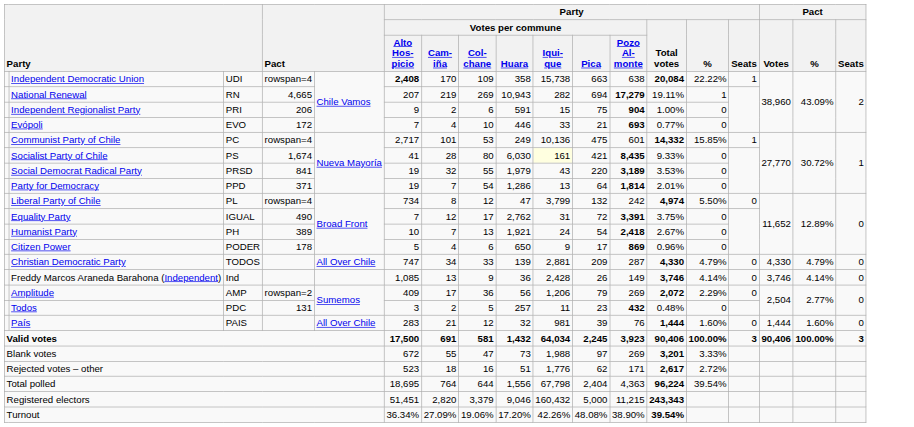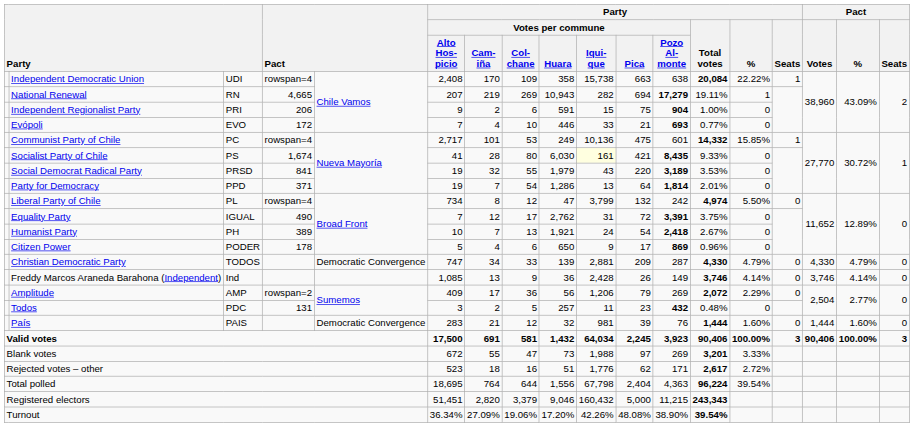 <table class="wikitable" border="1" style="font-size:90%; text-align:right; white-space: nowrap;">
 <tr>
 <th style="text-align:left;" valign=bottom rowspan=3 colspan=3>Party</th>
 <th style="text-align:left;" valign=bottom rowspan=3 colspan=2>Pact</th>
 <th colspan=10>Party</th>
 <th colspan=3>Pact</th>
 </tr>
 <tr>
 <th colspan=7>Votes per commune</th>
 <th align=center valign=bottom rowspan=2 width="40">Total<br>votes</th>
 <th align=center valign=bottom rowspan=2 width="40">%</th>
 <th align=center valign=bottom rowspan=2>Seats</th>
 <th align=center valign=bottom rowspan=2 width="40">Votes</th>
 <th align=center valign=bottom rowspan=2 width="40">%</th>
 <th align=center valign=bottom rowspan=2>Seats</th>
 </tr>
 <tr>
 <th align=center valign=bottom width="40"><a href='#'>Alto<br>Hos-<br>picio</a></th>
 <th align=center valign=bottom width="40"><a href='#'>Cam-<br>iña</a></th>
 <th align=center valign=bottom width="40"><a href='#'>Col-<br>chane</a></th>
 <th align=center valign=bottom width="40"><a href='#'>Huara</a></th>
 <th align=center valign=bottom width="40"><a href='#'>Iqui-<br>que</a></th>
 <th align=center valign=bottom width="40"><a href='#'>Pica</a></th>
 <th align=center valign=bottom width="40"><a href='#'>Pozo<br>Al-<br>monte</a></th>
 </tr>
 <tr>
 <td></td>
 <td align=left><a href='#'>Independent Democratic Union</a></td>
 <td align=left>UDI</td>
 <td>rowspan=4 </td>
 <td rowspan=4 align=left><a href='#'>Chile Vamos</a></td>
-<td><strong>2,408</strong></td>
+<td>2,408</td>
 <td>170</td>
 <td>109</td>
 <td>358</td>
 <td>15,738</td>
 <td>663</td>
 <td>638</td>
 <td><strong>20,084</strong></td>
 <td>22.22%</td>
 <td>1</td>
 <td rowspan=4>38,960</td>
 <td rowspan=4>43.09%</td>
 <td rowspan=4>2</td>
 </tr>
 <tr>
 <td></td>
 <td align=left><a href='#'>National Renewal</a></td>
 <td align=left>RN</td>
 <td>4,665</td>
 <td>207</td>
 <td>219</td>
 <td>269</td>
 <td>10,943</td>
 <td>282</td>
 <td>694</td>
 <td><strong>17,279</strong></td>
 <td>19.11%</td>
 <td>1</td>
 </tr>
 <tr>
 <td></td>
 <td align=left><a href='#'>Independent Regionalist Party</a></td>
 <td align=left>PRI</td>
 <td>206</td>
 <td>9</td>
 <td>2</td>
 <td>6</td>
 <td>591</td>
 <td>15</td>
 <td>75</td>
 <td><strong>904</strong></td>
 <td>1.00%</td>
 <td>0</td>
 </tr>
 <tr>
 <td></td>
 <td align=left><a href='#'>Evópoli</a></td>
 <td align=left>EVO</td>
 <td>172</td>
 <td>7</td>
 <td>4</td>
 <td>10</td>
 <td>446</td>
 <td>33</td>
 <td>21</td>
 <td><strong>693</strong></td>
 <td>0.77%</td>
 <td>0</td>
 </tr>
 <tr>
 <td></td>
 <td align=left><a href='#'>Communist Party of Chile</a></td>
 <td align=left>PC</td>
 <td>rowspan=4 </td>
 <td rowspan=4 align=left><a href='#'>Nueva Mayoría</a></td>
 <td>2,717</td>
 <td>101</td>
 <td>53</td>
 <td>249</td>
 <td>10,136</td>
 <td>475</td>
 <td>601</td>
 <td><strong>14,332</strong></td>
 <td>15.85%</td>
 <td>1</td>
 <td rowspan=4>27,770</td>
 <td rowspan=4>30.72%</td>
 <td rowspan=4>1</td>
 </tr>
 <tr>
 <td></td>
 <td align=left><a href='#'>Socialist Party of Chile</a></td>
 <td align=left>PS</td>
 <td>1,674</td>
 <td>41</td>
 <td>28</td>
 <td>80</td>
 <td>6,030</td>
 <td style="background: lightyellow;">161</td>
 <td>421</td>
 <td><strong>8,435</strong></td>
 <td>9.33%</td>
 <td>0</td>
 </tr>
 <tr>
 <td></td>
 <td align=left><a href='#'>Social Democrat Radical Party</a></td>
 <td align=left>PRSD</td>
 <td>841</td>
 <td>19</td>
 <td>32</td>
 <td>55</td>
 <td>1,979</td>
 <td>43</td>
 <td>220</td>
 <td><strong>3,189</strong></td>
 <td>3.53%</td>
 <td>0</td>
 </tr>
 <tr>
 <td></td>
 <td align=left><a href='#'>Party for Democracy</a></td>
 <td align=left>PPD</td>
 <td>371</td>
 <td>19</td>
 <td>7</td>
 <td>54</td>
 <td>1,286</td>
 <td>13</td>
 <td>64</td>
 <td><strong>1,814</strong></td>
 <td>2.01%</td>
 <td>0</td>
 </tr>
 <tr>
 <td></td>
 <td align=left><a href='#'>Liberal Party of Chile</a></td>
 <td align=left>PL</td>
 <td>rowspan=4 </td>
 <td rowspan=4 align=left><a href='#'>Broad Front</a></td>
 <td>734</td>
 <td>8</td>
 <td>12</td>
 <td>47</td>
 <td>3,799</td>
 <td>132</td>
 <td>242</td>
 <td><strong>4,974</strong></td>
 <td>5.50%</td>
 <td>0</td>
 <td rowspan=4>11,652</td>
 <td rowspan=4>12.89%</td>
 <td rowspan=4>0</td>
 </tr>
 <tr>
 <td></td>
 <td align=left><a href='#'>Equality Party</a></td>
 <td align=left>IGUAL</td>
 <td>490</td>
 <td>7</td>
 <td>12</td>
 <td>17</td>
 <td>2,762</td>
 <td>31</td>
 <td>72</td>
 <td><strong>3,391</strong></td>
 <td>3.75%</td>
 <td>0</td>
 </tr>
 <tr>
 <td></td>
 <td align=left><a href='#'>Humanist Party</a></td>
 <td align=left>PH</td>
 <td>389</td>
 <td>10</td>
 <td>7</td>
 <td>13</td>
 <td>1,921</td>
 <td>24</td>
 <td>54</td>
 <td><strong>2,418</strong></td>
 <td>2.67%</td>
 <td>0</td>
 </tr>
 <tr>
 <td></td>
 <td align=left><a href='#'>Citizen Power</a></td>
 <td align=left>PODER</td>
 <td>178</td>
 <td>5</td>
 <td>4</td>
 <td>6</td>
 <td>650</td>
 <td>9</td>
 <td>17</td>
 <td><strong>869</strong></td>
 <td>0.96%</td>
 <td>0</td>
 </tr>
 <tr>
 <td></td>
 <td align=left><a href='#'>Christian Democratic Party</a></td>
 <td align=left>TODOS</td>
 <td></td>
-<td align=left><a href='#'>All Over Chile</a></td>
+<td align=left>Democratic Convergence</td>
 <td>747</td>
 <td>34</td>
 <td>33</td>
 <td>139</td>
 <td>2,881</td>
 <td>209</td>
 <td>287</td>
 <td><strong>4,330</strong></td>
 <td>4.79%</td>
 <td>0</td>
 <td>4,330</td>
 <td>4.79%</td>
 <td>0</td>
 </tr>
 <tr>
 <td></td>
 <td align=left>Freddy Marcos Araneda Barahona (<a href='#'>Independent</a>)</td>
 <td align=left>Ind</td>
 <td></td>
 <td></td>
 <td>1,085</td>
 <td>13</td>
 <td>9</td>
 <td>36</td>
 <td>2,428</td>
 <td>26</td>
 <td>149</td>
 <td><strong>3,746</strong></td>
 <td>4.14%</td>
 <td>0</td>
 <td>3,746</td>
 <td>4.14%</td>
 <td>0</td>
 </tr>
 <tr>
 <td></td>
 <td align=left><a href='#'>Amplitude</a></td>
 <td align=left>AMP</td>
 <td>rowspan=2 </td>
 <td rowspan=2 align=left><a href='#'>Sumemos</a></td>
 <td>409</td>
 <td>17</td>
 <td>36</td>
 <td>56</td>
 <td>1,206</td>
 <td>79</td>
 <td>269</td>
 <td><strong>2,072</strong></td>
 <td>2.29%</td>
 <td>0</td>
 <td rowspan=2>2,504</td>
 <td rowspan=2>2.77%</td>
 <td rowspan=2>0</td>
 </tr>
 <tr>
 <td></td>
 <td align=left><a href='#'>Todos</a></td>
 <td align=left>PDC</td>
 <td>131</td>
 <td>3</td>
 <td>2</td>
 <td>5</td>
 <td>257</td>
 <td>11</td>
 <td>23</td>
 <td><strong>432</strong></td>
 <td>0.48%</td>
 <td>0</td>
 </tr>
 <tr>
 <td></td>
 <td align=left><a href='#'>País</a></td>
 <td align=left>PAIS</td>
 <td></td>
-<td align=left><a href='#'>All Over Chile</a></td>
+<td align=left>Democratic Convergence</td>
 <td>283</td>
 <td>21</td>
 <td>12</td>
 <td>32</td>
 <td>981</td>
 <td>39</td>
 <td>76</td>
 <td><strong>1,444</strong></td>
 <td>1.60%</td>
 <td>0</td>
 <td>1,444</td>
 <td>1.60%</td>
 <td>0</td>
 </tr>
 <tr style="font-weight:bold">
 <td align=left colspan=5>Valid votes</td>
 <td>17,500</td>
 <td>691</td>
 <td>581</td>
 <td>1,432</td>
 <td>64,034</td>
 <td>2,245</td>
 <td>3,923</td>
 <td>90,406</td>
 <td>100.00%</td>
 <td>3</td>
 <td>90,406</td>
 <td>100.00%</td>
 <td>3</td>
 </tr>
 <tr>
 <td align=left colspan=5>Blank votes</td>
 <td>672</td>
 <td>55</td>
 <td>47</td>
 <td>73</td>
 <td>1,988</td>
 <td>97</td>
 <td>269</td>
 <td><strong>3,201</strong></td>
 <td>3.33%</td>
 <td></td>
 <td></td>
 <td></td>
 <td></td>
 </tr>
 <tr>
 <td align=left colspan=5>Rejected votes – other</td>
 <td>523</td>
 <td>18</td>
 <td>16</td>
 <td>51</td>
 <td>1,776</td>
 <td>62</td>
 <td>171</td>
 <td><strong>2,617</strong></td>
 <td>2.72%</td>
 <td></td>
 <td></td>
 <td></td>
 <td></td>
 </tr>
 <tr>
 <td align=left colspan=5>Total polled</td>
 <td>18,695</td>
 <td>764</td>
 <td>644</td>
 <td>1,556</td>
 <td>67,798</td>
 <td>2,404</td>
 <td>4,363</td>
 <td><strong>96,224</strong></td>
 <td>39.54%</td>
 <td></td>
 <td></td>
 <td></td>
 <td></td>
 </tr>
 <tr>
 <td align=left colspan=5>Registered electors</td>
 <td>51,451</td>
 <td>2,820</td>
 <td>3,379</td>
 <td>9,046</td>
 <td>160,432</td>
 <td>5,000</td>
 <td>11,215</td>
 <td><strong>243,343</strong></td>
 <td></td>
 <td></td>
 <td></td>
 <td></td>
 <td></td>
 </tr>
 <tr>
 <td align=left colspan=5>Turnout</td>
 <td>36.34%</td>
 <td>27.09%</td>
 <td>19.06%</td>
 <td>17.20%</td>
 <td>42.26%</td>
 <td>48.08%</td>
 <td>38.90%</td>
 <td><strong>39.54%</strong></td>
 <td></td>
 <td></td>
 <td></td>
 <td></td>
 <td></td>
 </tr>
 </table>
